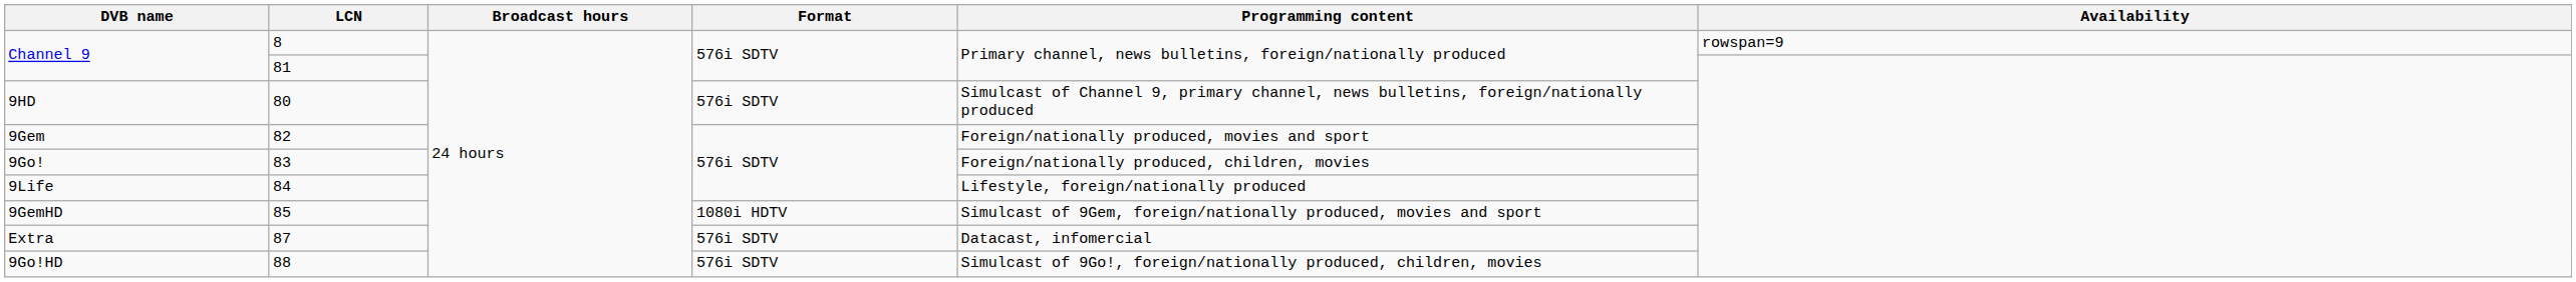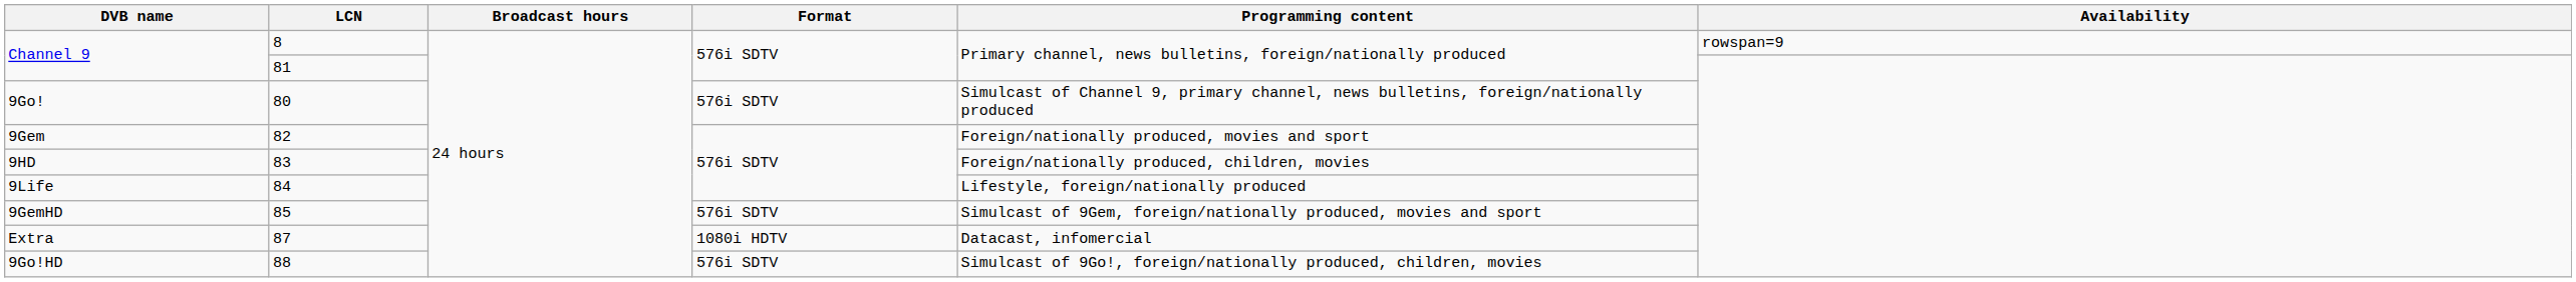 <table class="wikitable" style="font-size:90%; width:100%;">
 <tr>
 <th width="10%">DVB name</th>
 <th width="6%">LCN</th>
 <th width="10%">Broadcast hours</th>
 <th width="10%">Format</th>
 <th width="28%">Programming content</th>
 <th width="33%">Availability</th>
 </tr>
 <tr>
 <td rowspan=2><a href='#'>Channel 9</a></td>
 <td>8</td>
 <td rowspan=9>24 hours</td>
 <td rowspan=2>576i SDTV</td>
 <td rowspan=2>Primary channel, news bulletins, foreign/nationally produced </td>
 <td>rowspan=9 </td>
 </tr>
 <tr>
 <td>81</td>
 </tr>
 <tr>
-<td>9HD</td>
+<td>9Go!</td>
 <td>80</td>
 <td>576i SDTV</td>
 <td>Simulcast of Channel 9, primary channel, news bulletins, foreign/nationally produced </td>
 </tr>
 <tr>
 <td>9Gem</td>
 <td>82</td>
 <td rowspan=3>576i SDTV</td>
 <td>Foreign/nationally produced, movies and sport </td>
 </tr>
 <tr>
-<td>9Go!</td>
+<td>9HD</td>
 <td>83</td>
 <td>Foreign/nationally produced, children, movies </td>
 </tr>
 <tr>
 <td>9Life</td>
 <td>84</td>
 <td>Lifestyle, foreign/nationally produced </td>
 </tr>
 <tr>
 <td>9GemHD</td>
 <td>85</td>
-<td>1080i HDTV<br></td>
+<td>576i SDTV</td>
 <td>Simulcast of 9Gem, foreign/nationally produced, movies and sport </td>
 </tr>
 <tr>
 <td>Extra</td>
 <td>87</td>
-<td>576i SDTV</td>
+<td>1080i HDTV<br></td>
 <td>Datacast, infomercial </td>
 </tr>
 <tr>
 <td>9Go!HD</td>
 <td>88</td>
 <td>576i SDTV</td>
 <td>Simulcast of 9Go!, foreign/nationally produced, children, movies </td>
 </tr>
 </table>
